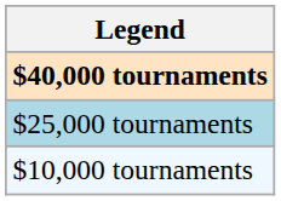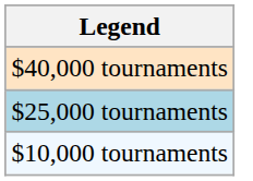 <table class=wikitable style="font-size:85%">
 <tr>
 <th>Legend</th>
 </tr>
 <tr style="background:#ffe4c4;">
-<td><strong>$40,000 tournaments</strong></td>
+<td>$40,000 tournaments</td>
 </tr>
 <tr style="background:lightblue;">
 <td>$25,000 tournaments</td>
 </tr>
 <tr style="background:#f0f8ff;">
 <td>$10,000 tournaments</td>
 </tr>
 </table>
